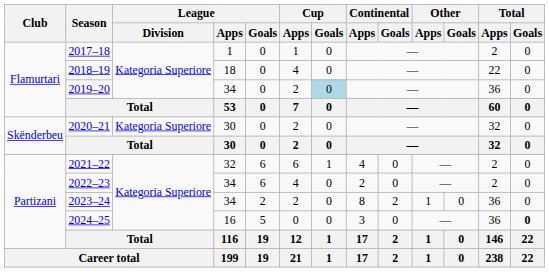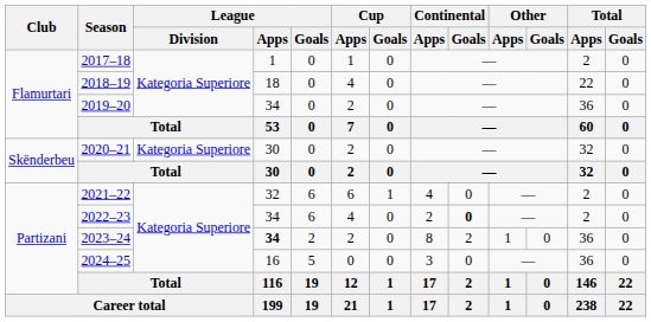 <table class="wikitable" style="text-align:center">
 <tr>
 <th rowspan="2">Club</th>
 <th rowspan="2">Season</th>
 <th colspan="3">League</th>
 <th colspan="2">Cup</th>
 <th colspan="2">Continental</th>
 <th colspan="2">Other</th>
 <th colspan="2">Total</th>
 </tr>
 <tr>
 <th>Division</th>
 <th>Apps</th>
 <th>Goals</th>
 <th>Apps</th>
 <th>Goals</th>
 <th>Apps</th>
 <th>Goals</th>
 <th>Apps</th>
 <th>Goals</th>
 <th>Apps</th>
 <th>Goals</th>
 </tr>
 <tr>
 <td rowspan="4" valign="center"><a href='#'>Flamurtari</a></td>
 <td><a href='#'>2017–18</a></td>
 <td rowspan="3"><a href='#'>Kategoria Superiore</a></td>
 <td>1</td>
 <td>0</td>
 <td>1</td>
 <td>0</td>
 <td colspan="4">—</td>
 <td>2</td>
 <td>0</td>
 </tr>
 <tr>
 <td><a href='#'>2018–19</a></td>
 <td>18</td>
 <td>0</td>
 <td>4</td>
 <td>0</td>
 <td colspan="4">—</td>
 <td>22</td>
 <td>0</td>
 </tr>
 <tr>
 <td><a href='#'>2019–20</a></td>
 <td>34</td>
 <td>0</td>
 <td>2</td>
-<td style="background: lightblue;">0</td>
+<td>0</td>
 <td colspan="4">—</td>
 <td>36</td>
 <td>0</td>
 </tr>
 <tr>
 <th colspan="2">Total</th>
 <th>53</th>
 <th>0</th>
 <th>7</th>
 <th>0</th>
 <th colspan="4">—</th>
 <th>60</th>
 <th>0</th>
 </tr>
 <tr>
 <td rowspan="2" valign="center"><a href='#'>Skënderbeu</a></td>
 <td><a href='#'>2020–21</a></td>
 <td rowspan="1"><a href='#'>Kategoria Superiore</a></td>
 <td>30</td>
 <td>0</td>
 <td>2</td>
 <td>0</td>
 <td colspan="4">—</td>
 <td>32</td>
 <td>0</td>
 </tr>
 <tr>
 <th colspan="2">Total</th>
 <th>30</th>
 <th>0</th>
 <th>2</th>
 <th>0</th>
 <th colspan="4">—</th>
 <th>32</th>
 <th>0</th>
 </tr>
 <tr>
 <td rowspan="5" valign="center"><a href='#'>Partizani</a></td>
 <td><a href='#'>2021–22</a></td>
 <td rowspan="4"><a href='#'>Kategoria Superiore</a></td>
 <td>32</td>
 <td>6</td>
 <td>6</td>
 <td>1</td>
 <td>4</td>
 <td>0</td>
 <td colspan="2">—</td>
 <td>2</td>
 <td>0</td>
 </tr>
 <tr>
 <td><a href='#'>2022–23</a></td>
 <td>34</td>
 <td>6</td>
 <td>4</td>
 <td>0</td>
 <td>2</td>
-<td>0</td>
+<td><strong>0</strong></td>
 <td colspan="2">—</td>
 <td>2</td>
 <td>0</td>
 </tr>
 <tr>
 <td><a href='#'>2023–24</a></td>
-<td>34</td>
+<td><strong>34</strong></td>
 <td>2</td>
 <td>2</td>
 <td>0</td>
 <td>8</td>
 <td>2</td>
 <td>1</td>
 <td>0</td>
 <td>36</td>
 <td>0</td>
 </tr>
 <tr>
 <td><a href='#'>2024–25</a></td>
 <td>16</td>
 <td>5</td>
 <td>0</td>
 <td>0</td>
 <td>3</td>
 <td>0</td>
 <td colspan="2">—</td>
 <td>36</td>
-<td><strong>0</strong></td>
+<td>0</td>
 </tr>
 <tr>
 <th colspan="2">Total</th>
 <th>116</th>
 <th>19</th>
 <th>12</th>
 <th>1</th>
 <th>17</th>
 <th>2</th>
 <th>1</th>
 <th>0</th>
 <th>146</th>
 <th>22</th>
 </tr>
 <tr>
 <th colspan="3">Career total</th>
 <th>199</th>
 <th>19</th>
 <th>21</th>
 <th>1</th>
 <th>17</th>
 <th>2</th>
 <th>1</th>
 <th>0</th>
 <th>238</th>
 <th>22</th>
 </tr>
 </table>
